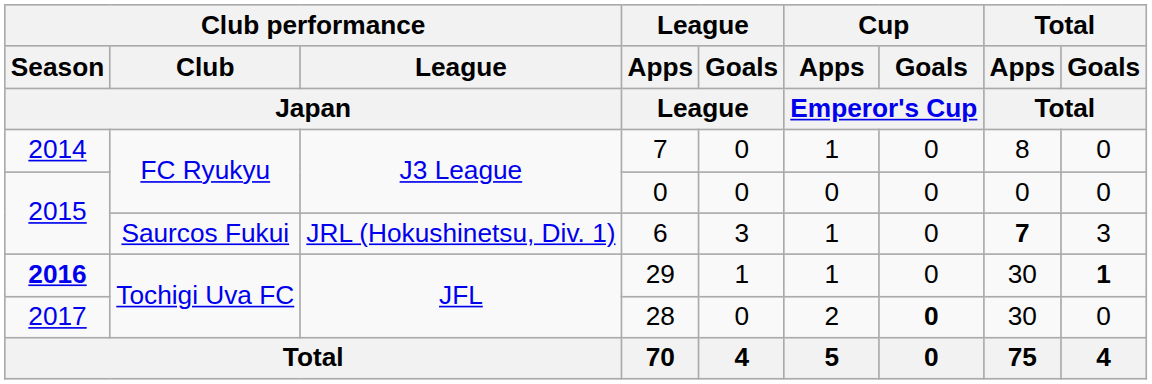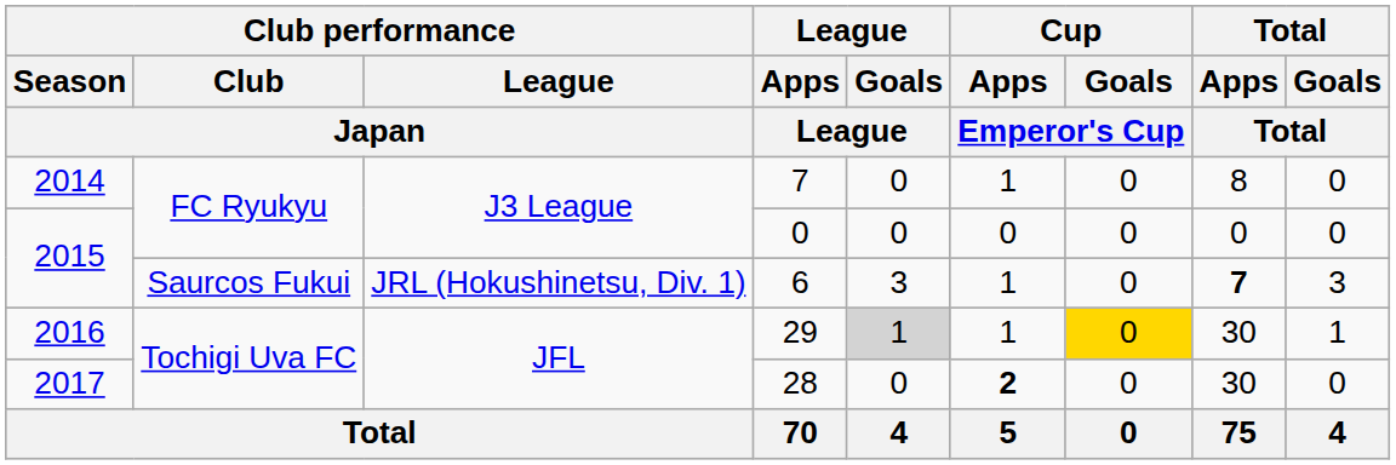 <table class="wikitable" style="text-align:center;">
 <tr>
 <th colspan=3>Club performance</th>
 <th colspan=2>League</th>
 <th colspan=2>Cup</th>
 <th colspan=2>Total</th>
 </tr>
 <tr>
 <th>Season</th>
 <th>Club</th>
 <th>League</th>
 <th>Apps</th>
 <th>Goals</th>
 <th>Apps</th>
 <th>Goals</th>
 <th>Apps</th>
 <th>Goals</th>
 </tr>
 <tr>
 <th colspan=3>Japan</th>
 <th colspan=2>League</th>
 <th colspan=2><a href='#'>Emperor's Cup</a></th>
 <th colspan=2>Total</th>
 </tr>
 <tr>
 <td><a href='#'>2014</a></td>
 <td rowspan="2"><a href='#'>FC Ryukyu</a></td>
 <td rowspan="2"><a href='#'>J3 League</a></td>
 <td>7</td>
 <td>0</td>
 <td>1</td>
 <td>0</td>
 <td>8</td>
 <td>0</td>
 </tr>
 <tr>
 <td rowspan="2"><a href='#'>2015</a></td>
 <td>0</td>
 <td>0</td>
 <td>0</td>
 <td>0</td>
 <td>0</td>
 <td>0</td>
 </tr>
 <tr>
 <td><a href='#'>Saurcos Fukui</a></td>
 <td><a href='#'>JRL (Hokushinetsu, Div. 1)</a></td>
 <td>6</td>
 <td>3</td>
 <td>1</td>
 <td>0</td>
 <td><strong>7</strong></td>
 <td>3</td>
 </tr>
 <tr>
-<td><strong><a href='#'>2016</a></strong></td>
+<td><a href='#'>2016</a></td>
 <td rowspan="2"><a href='#'>Tochigi Uva FC</a></td>
 <td rowspan="2"><a href='#'>JFL</a></td>
 <td>29</td>
+<td style="background: lightgrey;">1</td>
 <td>1</td>
+<td style="background: gold;">0</td>
+<td>30</td>
 <td>1</td>
-<td>0</td>
-<td>30</td>
-<td><strong>1</strong></td>
 </tr>
 <tr>
 <td><a href='#'>2017</a></td>
 <td>28</td>
 <td>0</td>
-<td>2</td>
-<td><strong>0</strong></td>
+<td><strong>2</strong></td>
+<td>0</td>
 <td>30</td>
 <td>0</td>
 </tr>
 <tr>
 <th colspan=3>Total</th>
 <th>70</th>
 <th>4</th>
 <th>5</th>
 <th>0</th>
 <th>75</th>
 <th>4</th>
 </tr>
 </table>
